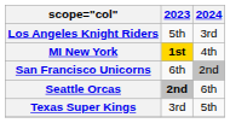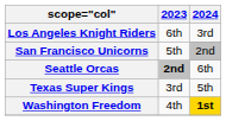 <table class="wikitable" style="text-align:center">
 <tr>
 <th>scope="col" </th>
 <th><a href='#'>2023</a></th>
 <th><a href='#'>2024</a></th>
 </tr>
 <tr>
 <th align="left"><a href='#'>Los Angeles Knight Riders</a></th>
-<td>5th</td>
+<td>6th</td>
 <td>3rd</td>
 </tr>
 <tr>
-<th align="left"><a href='#'>MI New York</a></th>
-<td style="background: gold"><strong>1st</strong></td>
-<td>4th</td>
-</tr>
-<tr>
 <th align="left"><a href='#'>San Francisco Unicorns</a></th>
-<td>6th</td>
+<td>5th</td>
 <td style="background: silver">2nd</td>
 </tr>
 <tr>
 <th align="left"><a href='#'>Seattle Orcas</a></th>
 <td style="background: silver"><strong>2nd</strong></td>
 <td>6th</td>
 </tr>
 <tr>
 <th align="left"><a href='#'>Texas Super Kings</a></th>
 <td style="background: bronze">3rd</td>
 <td>5th</td>
 </tr>
 <tr>
+<th align=left><a href='#'>Washington Freedom</a></th>
+<td>4th</td>
+<td style="background: gold"><strong>1st</strong></td>
+</tr>
+<tr>
 </tr>
 </table>
